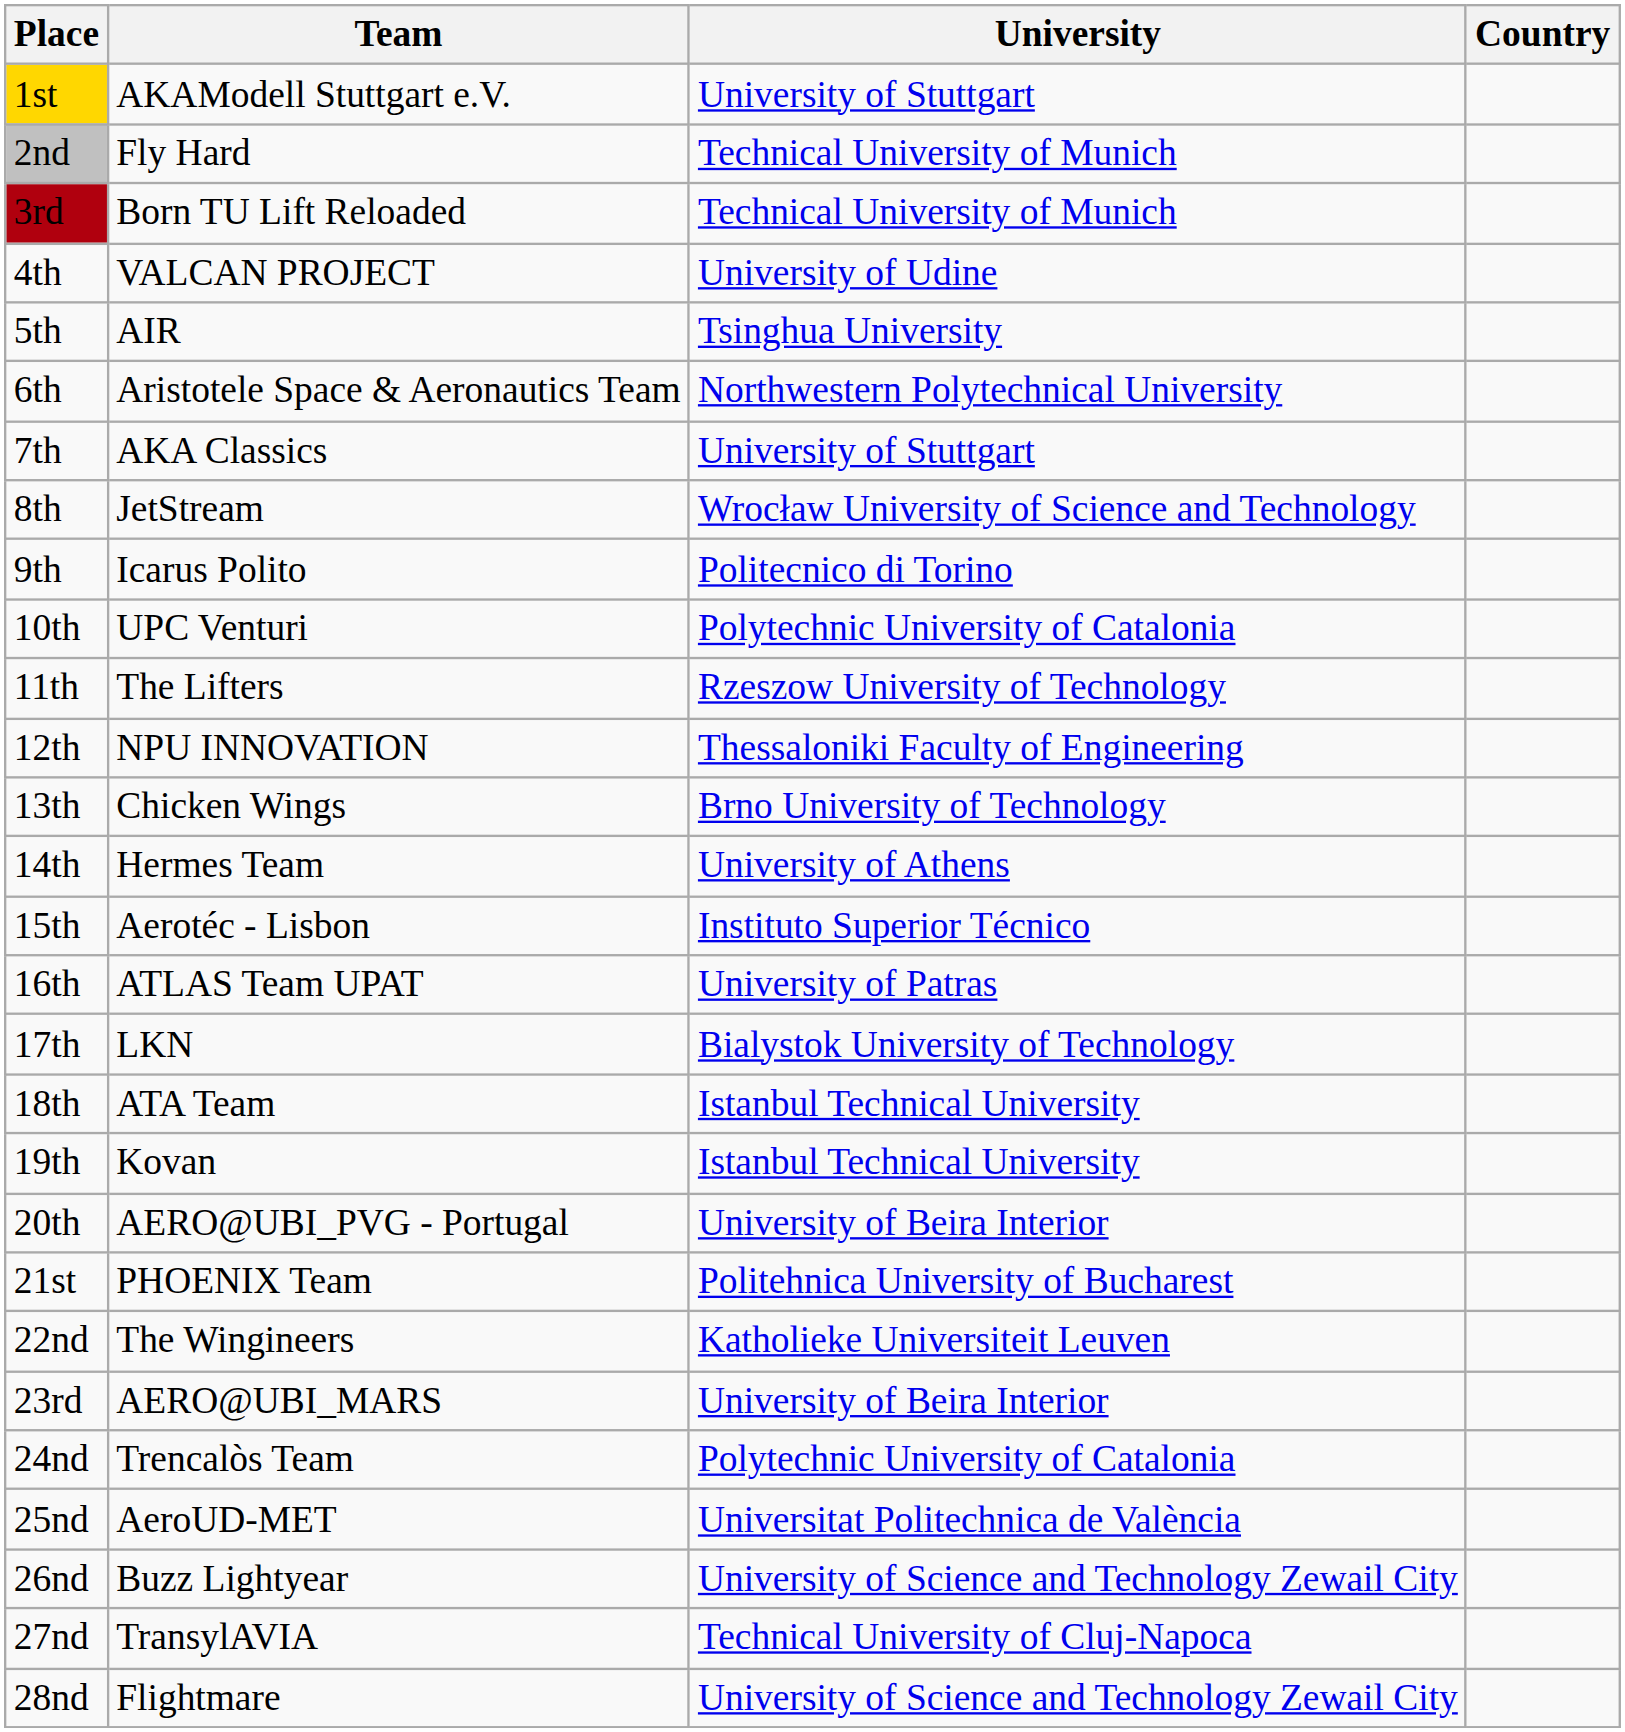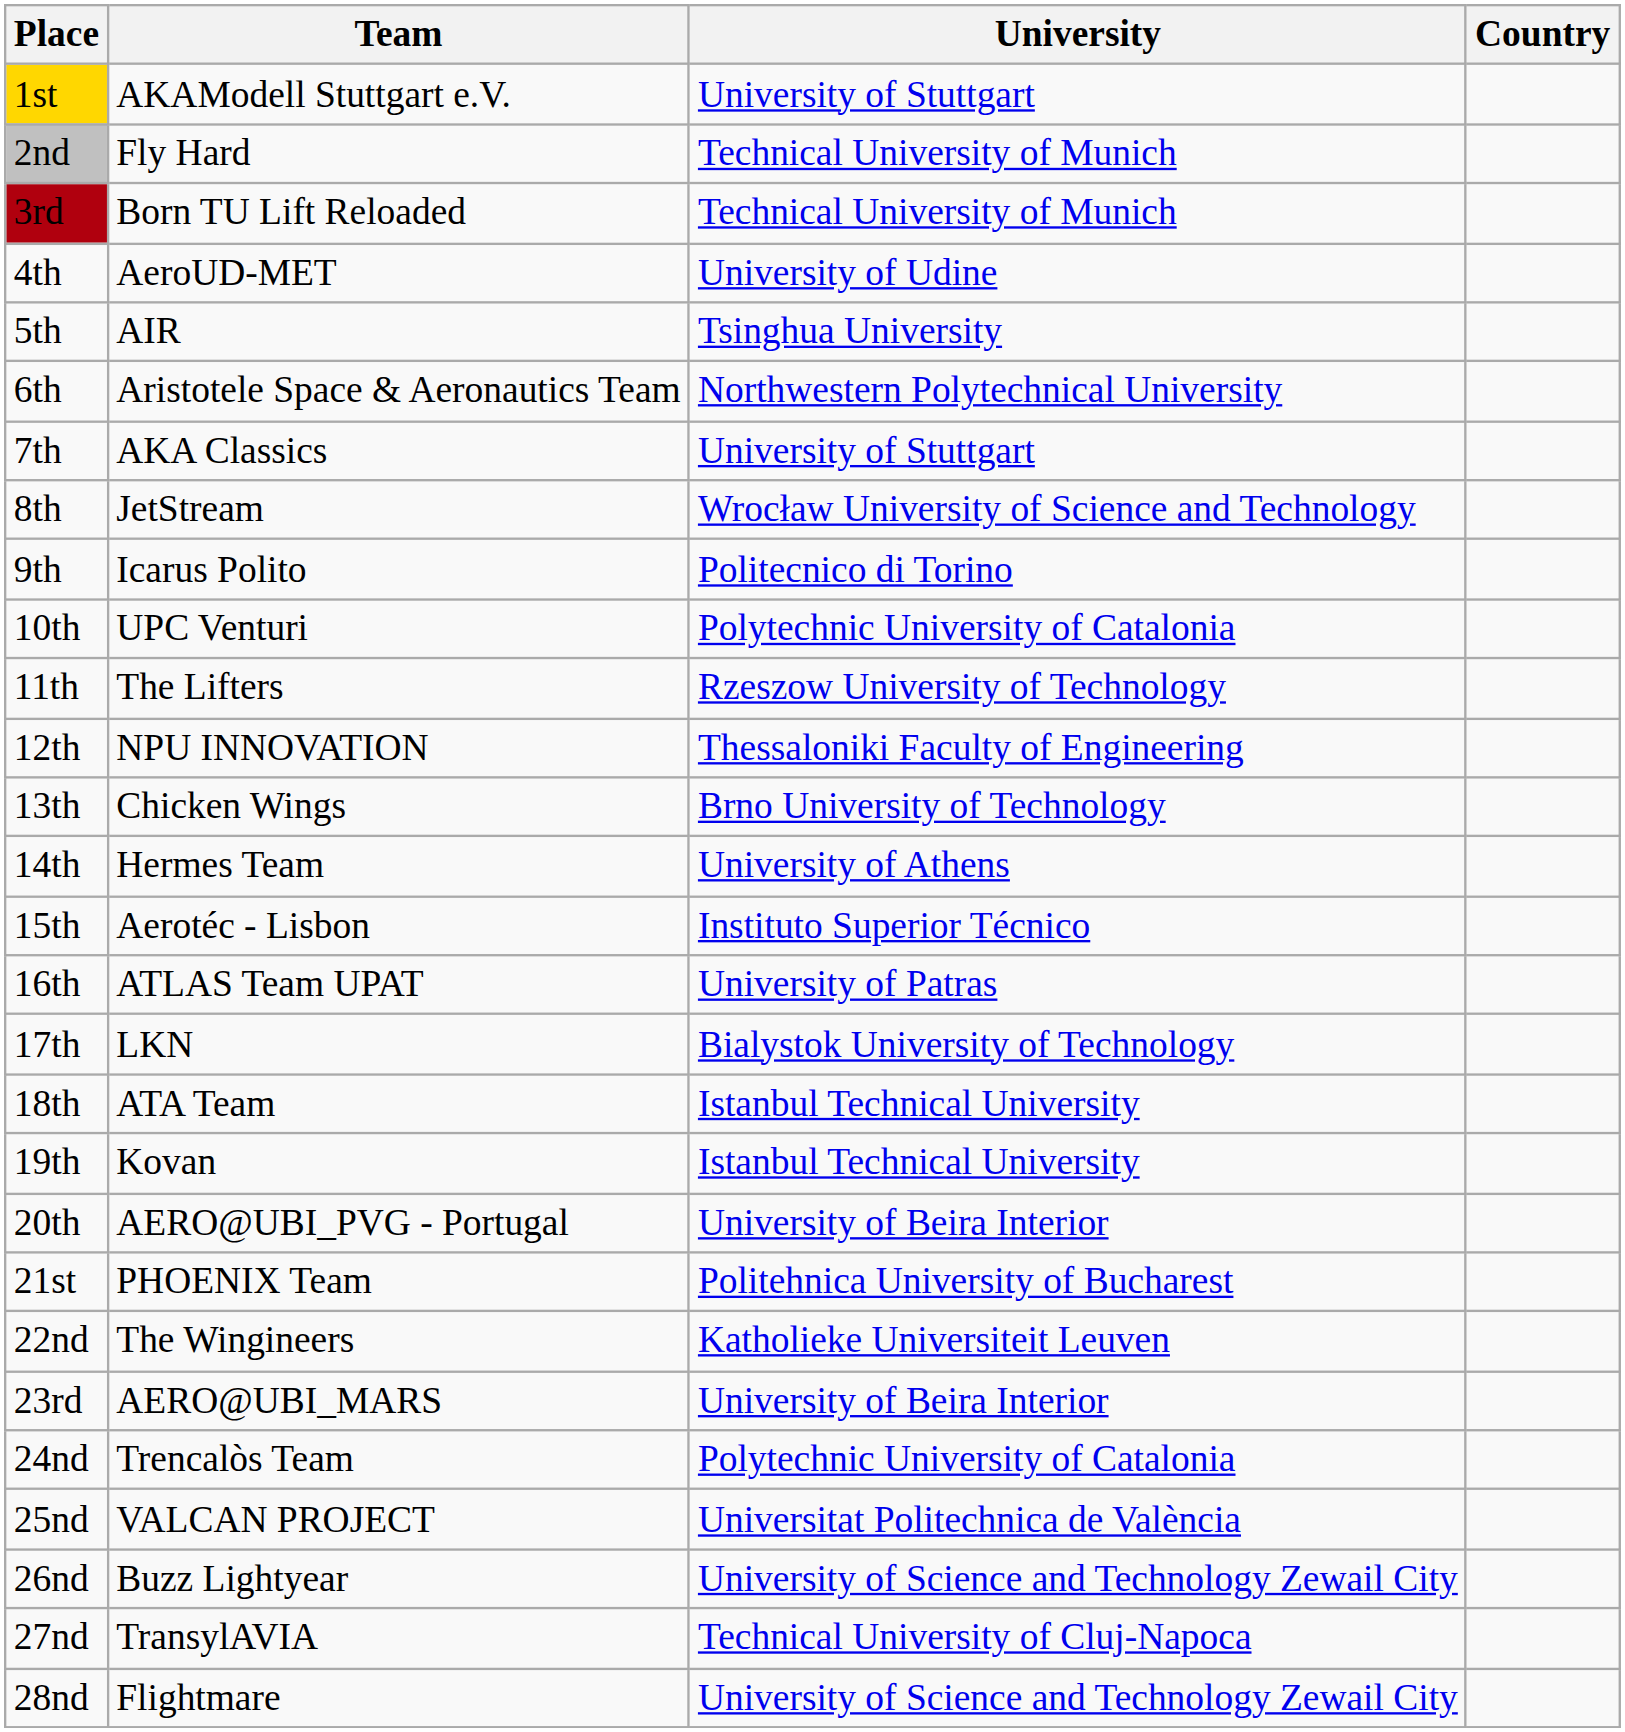 <table class="wikitable" border="1">
 <tr>
 <th>Place</th>
 <th>Team</th>
 <th>University</th>
 <th>Country</th>
 </tr>
 <tr --->
 <td bgcolor="gold">1st</td>
 <td>AKAModell Stuttgart e.V.</td>
 <td><a href='#'>University of Stuttgart</a></td>
 <td></td>
 </tr>
 <tr --->
 <td bgcolor="silver">2nd</td>
 <td>Fly Hard</td>
 <td><a href='#'>Technical University of Munich</a></td>
 <td></td>
 </tr>
 <tr --->
 <td bgcolor="bronze">3rd</td>
 <td>Born TU Lift Reloaded</td>
 <td><a href='#'>Technical University of Munich</a></td>
 <td></td>
 </tr>
 <tr --->
 <td>4th</td>
-<td>VALCAN PROJECT</td>
+<td>AeroUD-MET</td>
 <td><a href='#'>University of Udine</a></td>
 <td></td>
 </tr>
 <tr --->
 <td>5th</td>
 <td>AIR</td>
 <td><a href='#'>Tsinghua University</a></td>
 <td></td>
 </tr>
 <tr --->
 <td>6th</td>
 <td>Aristotele Space & Aeronautics Team</td>
 <td><a href='#'>Northwestern Polytechnical University</a></td>
 <td></td>
 </tr>
 <tr --->
 <td>7th</td>
 <td>AKA Classics</td>
 <td><a href='#'>University of Stuttgart</a></td>
 <td></td>
 </tr>
 <tr --->
 <td>8th</td>
 <td>JetStream</td>
 <td><a href='#'>Wrocław University of Science and Technology</a></td>
 <td></td>
 </tr>
 <tr --->
 <td>9th</td>
 <td>Icarus Polito</td>
 <td><a href='#'>Politecnico di Torino</a></td>
 <td></td>
 </tr>
 <tr --->
 <td>10th</td>
 <td>UPC Venturi</td>
 <td><a href='#'>Polytechnic University of Catalonia</a></td>
 <td></td>
 </tr>
 <tr --->
 <td>11th</td>
 <td>The Lifters</td>
 <td><a href='#'>Rzeszow University of Technology </a></td>
 <td></td>
 </tr>
 <tr --->
 <td>12th</td>
 <td>NPU INNOVATION</td>
 <td><a href='#'>Thessaloniki Faculty of Engineering</a></td>
 <td></td>
 </tr>
 <tr --->
 <td>13th</td>
 <td>Chicken Wings</td>
 <td><a href='#'>Brno University of Technology</a></td>
 <td></td>
 </tr>
 <tr --->
 <td>14th</td>
 <td>Hermes Team</td>
 <td><a href='#'>University of Athens</a></td>
 <td></td>
 </tr>
 <tr --->
 <td>15th</td>
 <td>Aerotéc - Lisbon</td>
 <td><a href='#'>Instituto Superior Técnico</a></td>
 <td></td>
 </tr>
 <tr --->
 <td>16th</td>
 <td>ATLAS Team UPAT</td>
 <td><a href='#'>University of Patras</a></td>
 <td></td>
 </tr>
 <tr --->
 <td>17th</td>
 <td>LKN</td>
 <td><a href='#'>Bialystok University of Technology</a></td>
 <td></td>
 </tr>
 <tr --->
 <td>18th</td>
 <td>ATA Team</td>
 <td><a href='#'>Istanbul Technical University</a></td>
 <td></td>
 </tr>
 <tr --->
 <td>19th</td>
 <td>Kovan</td>
 <td><a href='#'>Istanbul Technical University</a></td>
 <td></td>
 </tr>
 <tr --->
 <td>20th</td>
 <td>AERO@UBI_PVG - Portugal</td>
 <td><a href='#'>University of Beira Interior</a></td>
 <td></td>
 </tr>
 <tr --->
 <td>21st</td>
 <td>PHOENIX Team</td>
 <td><a href='#'>Politehnica University of Bucharest</a></td>
 <td></td>
 </tr>
 <tr --->
 <td>22nd</td>
 <td>The Wingineers</td>
 <td><a href='#'>Katholieke Universiteit Leuven</a></td>
 <td></td>
 </tr>
 <tr --->
 <td>23rd</td>
 <td>AERO@UBI_MARS</td>
 <td><a href='#'>University of Beira Interior</a></td>
 <td></td>
 </tr>
 <tr --->
 <td>24nd</td>
 <td>Trencalòs Team</td>
 <td><a href='#'>Polytechnic University of Catalonia</a></td>
 <td></td>
 </tr>
 <tr --->
 <td>25nd</td>
-<td>AeroUD-MET</td>
+<td>VALCAN PROJECT</td>
 <td><a href='#'>Universitat Politechnica de València</a></td>
 <td></td>
 </tr>
 <tr --->
 <td>26nd</td>
 <td>Buzz Lightyear</td>
 <td><a href='#'>University of Science and Technology Zewail City</a></td>
 <td></td>
 </tr>
 <tr --->
 <td>27nd</td>
 <td>TransylAVIA</td>
 <td><a href='#'>Technical University of Cluj-Napoca</a></td>
 <td></td>
 </tr>
 <tr --->
 <td>28nd</td>
 <td>Flightmare</td>
 <td><a href='#'>University of Science and Technology Zewail City</a></td>
 <td></td>
 </tr>
 <tr --->
 </tr>
 </table>
